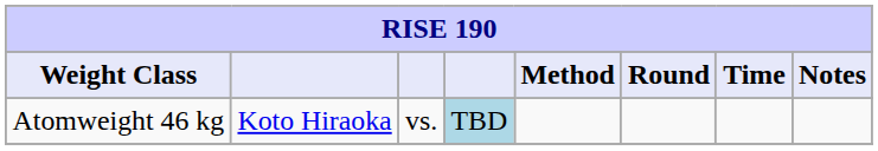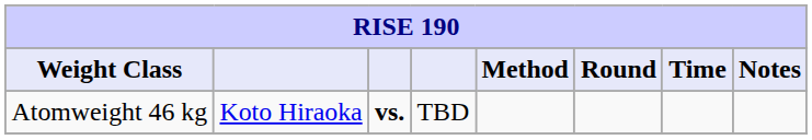 <table class="wikitable" style="font-size: 80%;">
 <tr>
 <th colspan="8" style="background-color: #ccf; color: #000080; text-align: center;"><strong>RISE 190</strong></th>
 </tr>
 <tr>
 <th colspan="1" style="background-color: #E6E8FA; color: #000000; text-align: center;">Weight Class</th>
 <th colspan="1" style="background-color: #E6E8FA; color: #000000; text-align: center;"></th>
 <th colspan="1" style="background-color: #E6E8FA; color: #000000; text-align: center;"></th>
 <th colspan="1" style="background-color: #E6E8FA; color: #000000; text-align: center;"></th>
 <th colspan="1" style="background-color: #E6E8FA; color: #000000; text-align: center;">Method</th>
 <th colspan="1" style="background-color: #E6E8FA; color: #000000; text-align: center;">Round</th>
 <th colspan="1" style="background-color: #E6E8FA; color: #000000; text-align: center;">Time</th>
 <th colspan="1" style="background-color: #E6E8FA; color: #000000; text-align: center;">Notes</th>
 </tr>
 <tr>
 <td>Atomweight 46 kg</td>
 <td> <a href='#'>Koto Hiraoka</a></td>
-<td align="center">vs.</td>
-<td style="background: lightblue;"> TBD</td>
+<td align="center"><strong>vs.</strong></td>
+<td> TBD</td>
 <td></td>
 <td align="center"></td>
 <td align="center"></td>
 <td></td>
 </tr>
 <tr>
 </tr>
 </table>
